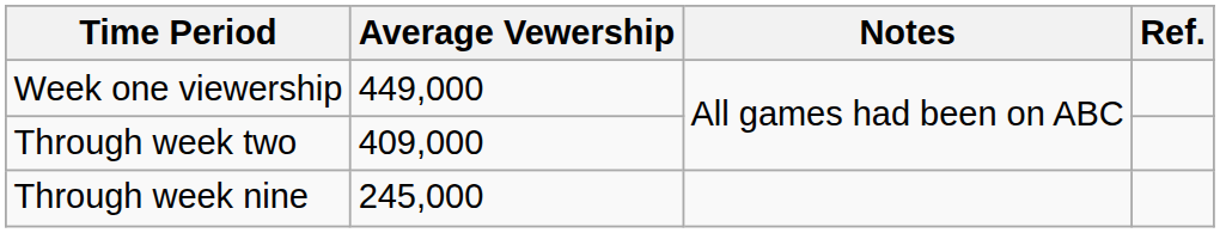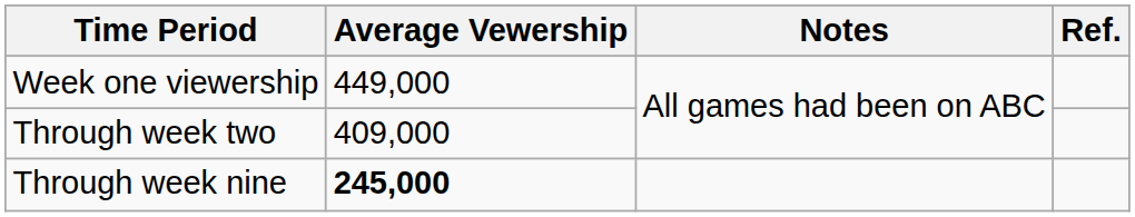 <table class="wikitable">
 <tr>
 <th>Time Period</th>
 <th>Average Vewership</th>
 <th>Notes</th>
 <th>Ref.</th>
 </tr>
 <tr>
 <td>Week one viewership</td>
 <td>449,000</td>
 <td rowspan="2">All games had been on ABC</td>
 <td></td>
 </tr>
 <tr>
 <td>Through week two</td>
 <td>409,000</td>
 <td></td>
 </tr>
 <tr>
 <td>Through week nine</td>
-<td>245,000</td>
+<td><strong>245,000</strong></td>
 <td></td>
 <td></td>
 </tr>
 </table>
